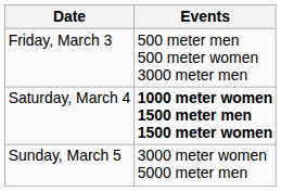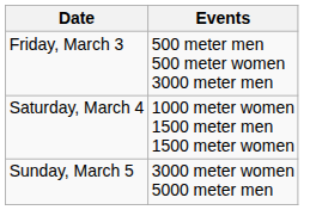 <table class="wikitable">
 <tr>
 <th>Date</th>
 <th>Events</th>
 </tr>
 <tr>
 <td valign=top>Friday, March 3</td>
 <td>500 meter men<br>500 meter women<br>3000 meter men</td>
 </tr>
 <tr>
 <td valign=top>Saturday, March 4</td>
-<td><strong>1000 meter women<br>1500 meter men<br>1500 meter women</strong></td>
+<td>1000 meter women<br>1500 meter men<br>1500 meter women</td>
 </tr>
 <tr>
 <td valign=top>Sunday, March 5</td>
 <td>3000 meter women<br>5000 meter men</td>
 </tr>
 </table>
